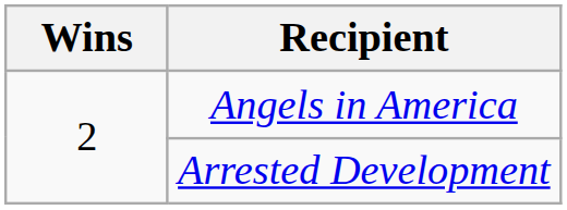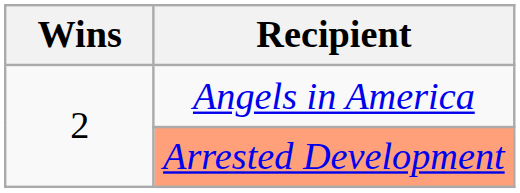 <table class="wikitable sortable" style="text-align: center">
 <tr>
 <th scope="col" style="width:55px;">Wins</th>
 <th scope="col" style="text-align:center;">Recipient</th>
 </tr>
 <tr>
 <td rowspan=2 style="text-align:center">2</td>
 <td><em><a href='#'>Angels in America</a></em></td>
 </tr>
 <tr>
-<td><em><a href='#'>Arrested Development</a></em></td>
+<td style="background: lightsalmon;"><em><a href='#'>Arrested Development</a></em></td>
 </tr>
 </table>
